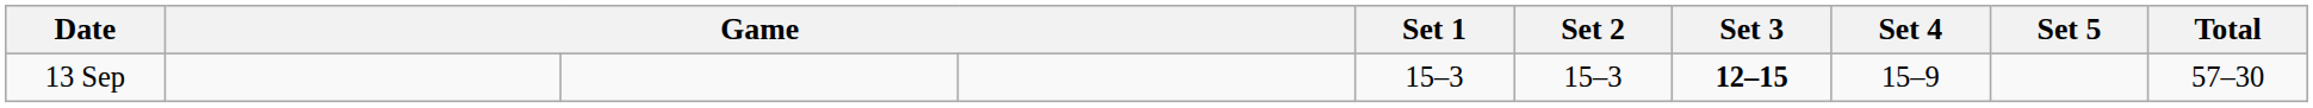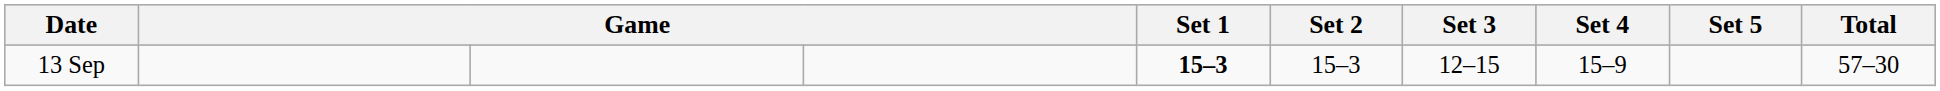 <table width=1200 class="wikitable">
 <tr>
 <th width=6%>Date</th>
 <th width=45% colspan=3>Game</th>
 <th width=6%>Set 1</th>
 <th width=6%>Set 2</th>
 <th width=6%>Set 3</th>
 <th width=6%>Set 4</th>
 <th width=6%>Set 5</th>
 <th width=6%>Total</th>
 </tr>
 <tr style=font-size:95%>
 <td align=center>13 Sep</td>
 <td align=center><strong></strong></td>
 <td></td>
 <td></td>
+<td align=center><strong>15–3</strong></td>
 <td align=center>15–3</td>
-<td align=center>15–3</td>
-<td align=center><strong>12–15</strong></td>
+<td align=center>12–15</td>
 <td align=center>15–9</td>
 <td align=center></td>
 <td align=center>57–30</td>
 </tr>
 </table>
